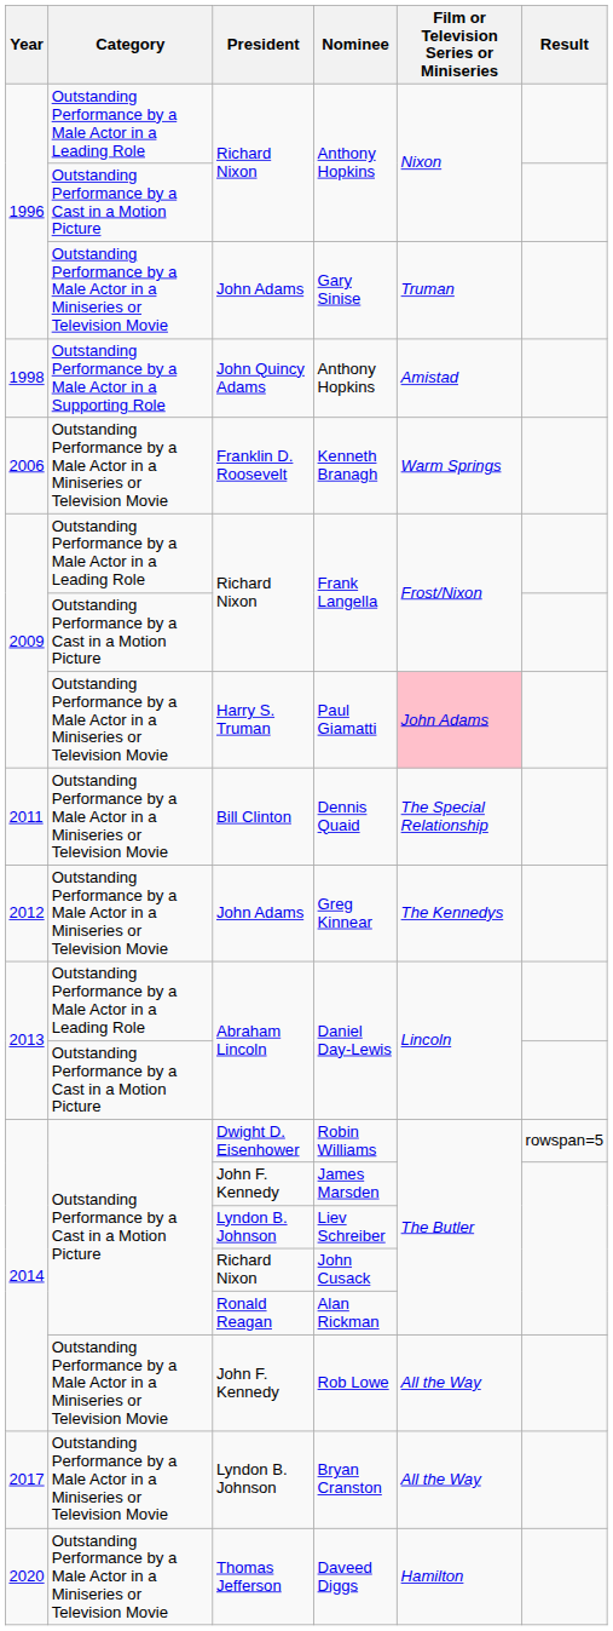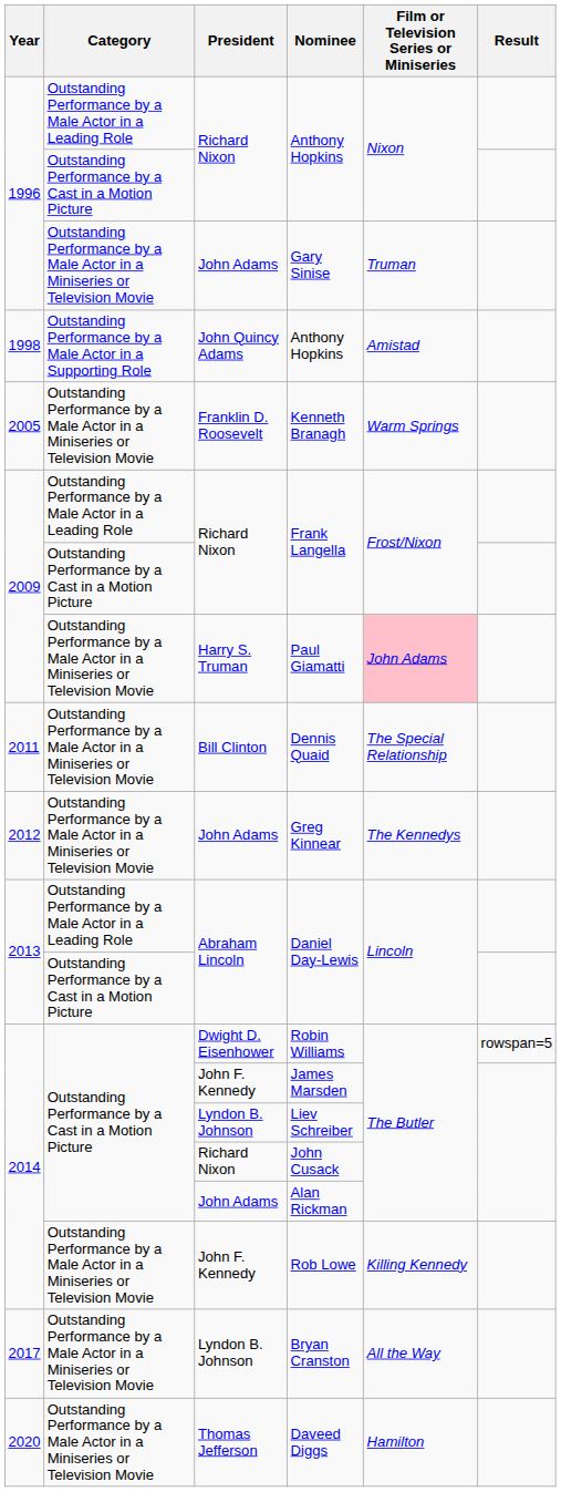 <table class="wikitable sortable">
 <tr>
 <th>Year</th>
 <th>Category</th>
 <th>President</th>
 <th>Nominee</th>
 <th>Film or Television Series or Miniseries</th>
 <th>Result</th>
 </tr>
 <tr>
 <td rowspan=3><a href='#'>1996</a></td>
 <td><a href='#'>Outstanding Performance by a Male Actor in a Leading Role</a></td>
 <td rowspan=2><a href='#'>Richard Nixon</a></td>
 <td rowspan=2><a href='#'>Anthony Hopkins</a></td>
 <td rowspan=2><em><a href='#'>Nixon</a></em></td>
 <td></td>
 </tr>
 <tr>
 <td><a href='#'>Outstanding Performance by a Cast in a Motion Picture</a></td>
 <td></td>
 </tr>
 <tr>
 <td><a href='#'>Outstanding Performance by a Male Actor in a Miniseries or Television Movie</a></td>
 <td><a href='#'>John Adams</a></td>
 <td><a href='#'>Gary Sinise</a></td>
 <td><em><a href='#'>Truman</a></em></td>
 <td></td>
 </tr>
 <tr>
 <td><a href='#'>1998</a></td>
 <td><a href='#'>Outstanding Performance by a Male Actor in a Supporting Role</a></td>
 <td><a href='#'>John Quincy Adams</a></td>
 <td>Anthony Hopkins</td>
 <td><em><a href='#'>Amistad</a></em></td>
 <td></td>
 </tr>
 <tr>
-<td><a href='#'>2006</a></td>
+<td><a href='#'>2005</a></td>
 <td>Outstanding Performance by a Male Actor in a Miniseries or Television Movie</td>
 <td><a href='#'>Franklin D. Roosevelt</a></td>
 <td><a href='#'>Kenneth Branagh</a></td>
 <td><em><a href='#'>Warm Springs</a></em></td>
 <td></td>
 </tr>
 <tr>
 <td rowspan=3><a href='#'>2009</a></td>
 <td>Outstanding Performance by a Male Actor in a Leading Role</td>
 <td rowspan=2>Richard Nixon</td>
 <td rowspan=2><a href='#'>Frank Langella</a></td>
 <td rowspan=2><em><a href='#'>Frost/Nixon</a></em></td>
 <td></td>
 </tr>
 <tr>
 <td>Outstanding Performance by a Cast in a Motion Picture</td>
 <td></td>
 </tr>
 <tr>
 <td>Outstanding Performance by a Male Actor in a Miniseries or Television Movie</td>
 <td><a href='#'>Harry S. Truman</a></td>
 <td><a href='#'>Paul Giamatti</a></td>
 <td style="background: pink;"><em><a href='#'>John Adams</a></em></td>
 <td></td>
 </tr>
 <tr>
 <td><a href='#'>2011</a></td>
 <td>Outstanding Performance by a Male Actor in a Miniseries or Television Movie</td>
 <td><a href='#'>Bill Clinton</a></td>
 <td><a href='#'>Dennis Quaid</a></td>
 <td><em><a href='#'>The Special Relationship</a></em></td>
 <td></td>
 </tr>
 <tr>
 <td><a href='#'>2012</a></td>
 <td>Outstanding Performance by a Male Actor in a Miniseries or Television Movie</td>
 <td><a href='#'>John Adams</a></td>
 <td><a href='#'>Greg Kinnear</a></td>
 <td><em><a href='#'>The Kennedys</a></em></td>
 <td></td>
 </tr>
 <tr>
 <td rowspan=2><a href='#'>2013</a></td>
 <td>Outstanding Performance by a Male Actor in a Leading Role</td>
 <td rowspan=2><a href='#'>Abraham Lincoln</a></td>
 <td rowspan=2><a href='#'>Daniel Day-Lewis</a></td>
 <td rowspan=2><em><a href='#'>Lincoln</a></em></td>
 <td></td>
 </tr>
 <tr>
 <td>Outstanding Performance by a Cast in a Motion Picture</td>
 <td></td>
 </tr>
 <tr>
 <td rowspan="6"><a href='#'>2014</a></td>
 <td rowspan="5">Outstanding Performance by a Cast in a Motion Picture</td>
 <td><a href='#'>Dwight D. Eisenhower</a></td>
 <td><a href='#'>Robin Williams</a></td>
 <td rowspan="5"><em><a href='#'>The Butler</a></em></td>
 <td>rowspan=5 </td>
 </tr>
 <tr>
 <td>John F. Kennedy</td>
 <td><a href='#'>James Marsden</a></td>
 </tr>
 <tr>
 <td><a href='#'>Lyndon B. Johnson</a></td>
 <td><a href='#'>Liev Schreiber</a></td>
 </tr>
 <tr>
 <td>Richard Nixon</td>
 <td><a href='#'>John Cusack</a></td>
 </tr>
 <tr>
-<td><a href='#'>Ronald Reagan</a></td>
+<td><a href='#'>John Adams</a></td>
 <td><a href='#'>Alan Rickman</a></td>
 </tr>
 <tr>
 <td>Outstanding Performance by a Male Actor in a Miniseries or Television Movie</td>
 <td>John F. Kennedy</td>
 <td><a href='#'>Rob Lowe</a></td>
-<td><em><a href='#'>All the Way</a></em></td>
+<td><em><a href='#'>Killing Kennedy</a></em></td>
 <td></td>
 </tr>
 <tr>
 <td><a href='#'>2017</a></td>
 <td>Outstanding Performance by a Male Actor in a Miniseries or Television Movie</td>
 <td>Lyndon B. Johnson</td>
 <td><a href='#'>Bryan Cranston</a></td>
 <td><em><a href='#'>All the Way</a></em></td>
 <td></td>
 </tr>
 <tr>
 <td><a href='#'>2020</a></td>
 <td>Outstanding Performance by a Male Actor in a Miniseries or Television Movie</td>
 <td><a href='#'>Thomas Jefferson</a></td>
 <td><a href='#'>Daveed Diggs</a></td>
 <td><em><a href='#'>Hamilton</a></em></td>
 <td></td>
 </tr>
 </table>
